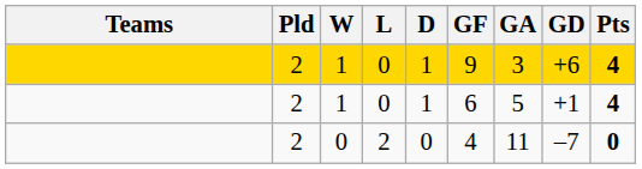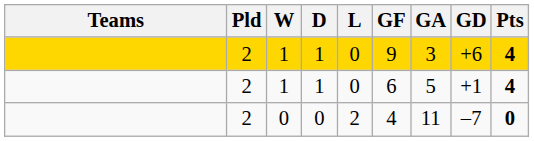 <table class="wikitable" style="text-align: center;">
 <tr>
 <th width=165>Teams</th>
 <th width=20>Pld</th>
 <th width=20>W</th>
+<th width=20>D</th>
 <th width=20>L</th>
-<th width=20>D</th>
 <th width=20>GF</th>
 <th width=20>GA</th>
 <th width=20>GD</th>
 <th width=20>Pts</th>
 </tr>
 <tr align=center style="background:gold">
 <td style="text-align:left;"></td>
 <td>2</td>
 <td>1</td>
+<td>1</td>
 <td>0</td>
-<td>1</td>
 <td>9</td>
 <td>3</td>
 <td>+6</td>
 <td><strong>4</strong></td>
 </tr>
 <tr align=center>
 <td style="text-align:left;"></td>
 <td>2</td>
 <td>1</td>
+<td>1</td>
 <td>0</td>
-<td>1</td>
 <td>6</td>
 <td>5</td>
 <td>+1</td>
 <td><strong>4</strong></td>
 </tr>
 <tr align=center>
 <td style="text-align:left;"></td>
 <td>2</td>
 <td>0</td>
+<td>0</td>
 <td>2</td>
-<td>0</td>
 <td>4</td>
 <td>11</td>
 <td>–7</td>
 <td><strong>0</strong></td>
 </tr>
 </table>
